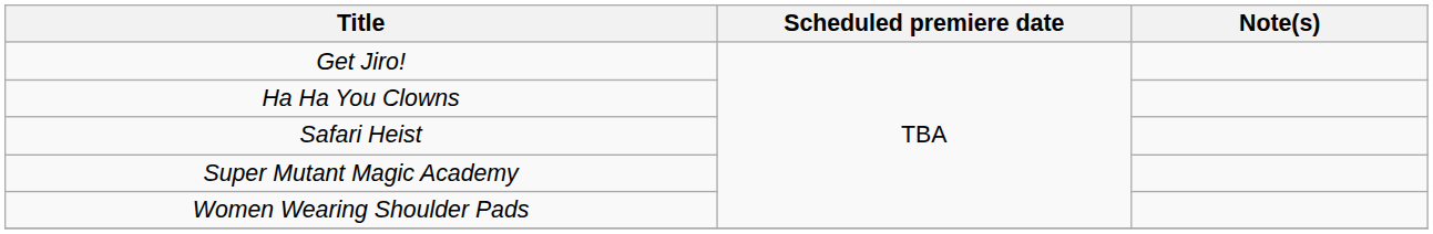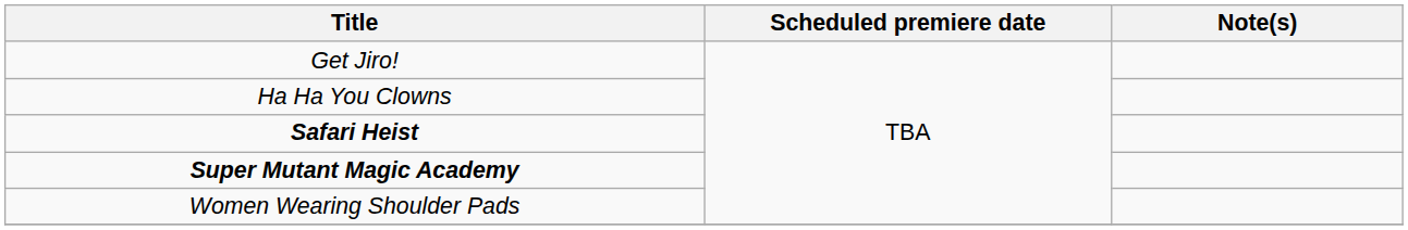 <table class="wikitable plainrowheaders sortable" style="width:61%;text-align:center;">
 <tr>
 <th width="24%">Title</th>
 <th width="14%">Scheduled premiere date</th>
 <th width="10%">Note(s)</th>
 </tr>
 <tr>
 <td scope="row" style="text-align:center;"><em>Get Jiro!</em></td>
 <td rowspan="5">TBA</td>
 <td></td>
 </tr>
 <tr>
 <td scope="row" style="text-align:center;"><em>Ha Ha You Clowns</em></td>
 <td></td>
 </tr>
 <tr>
-<td scope="row" style="text-align:center;"><em>Safari Heist</em></td>
+<td scope="row" style="text-align:center;"><strong><em>Safari Heist</em></strong></td>
 <td></td>
 </tr>
 <tr>
-<td scope="row" style="text-align:center;"><em>Super Mutant Magic Academy</em></td>
+<td scope="row" style="text-align:center;"><strong><em>Super Mutant Magic Academy</em></strong></td>
 <td></td>
 </tr>
 <tr>
 <td scope="row" style="text-align:center;"><em>Women Wearing Shoulder Pads</em></td>
 <td></td>
 </tr>
 <tr>
 </tr>
 </table>
